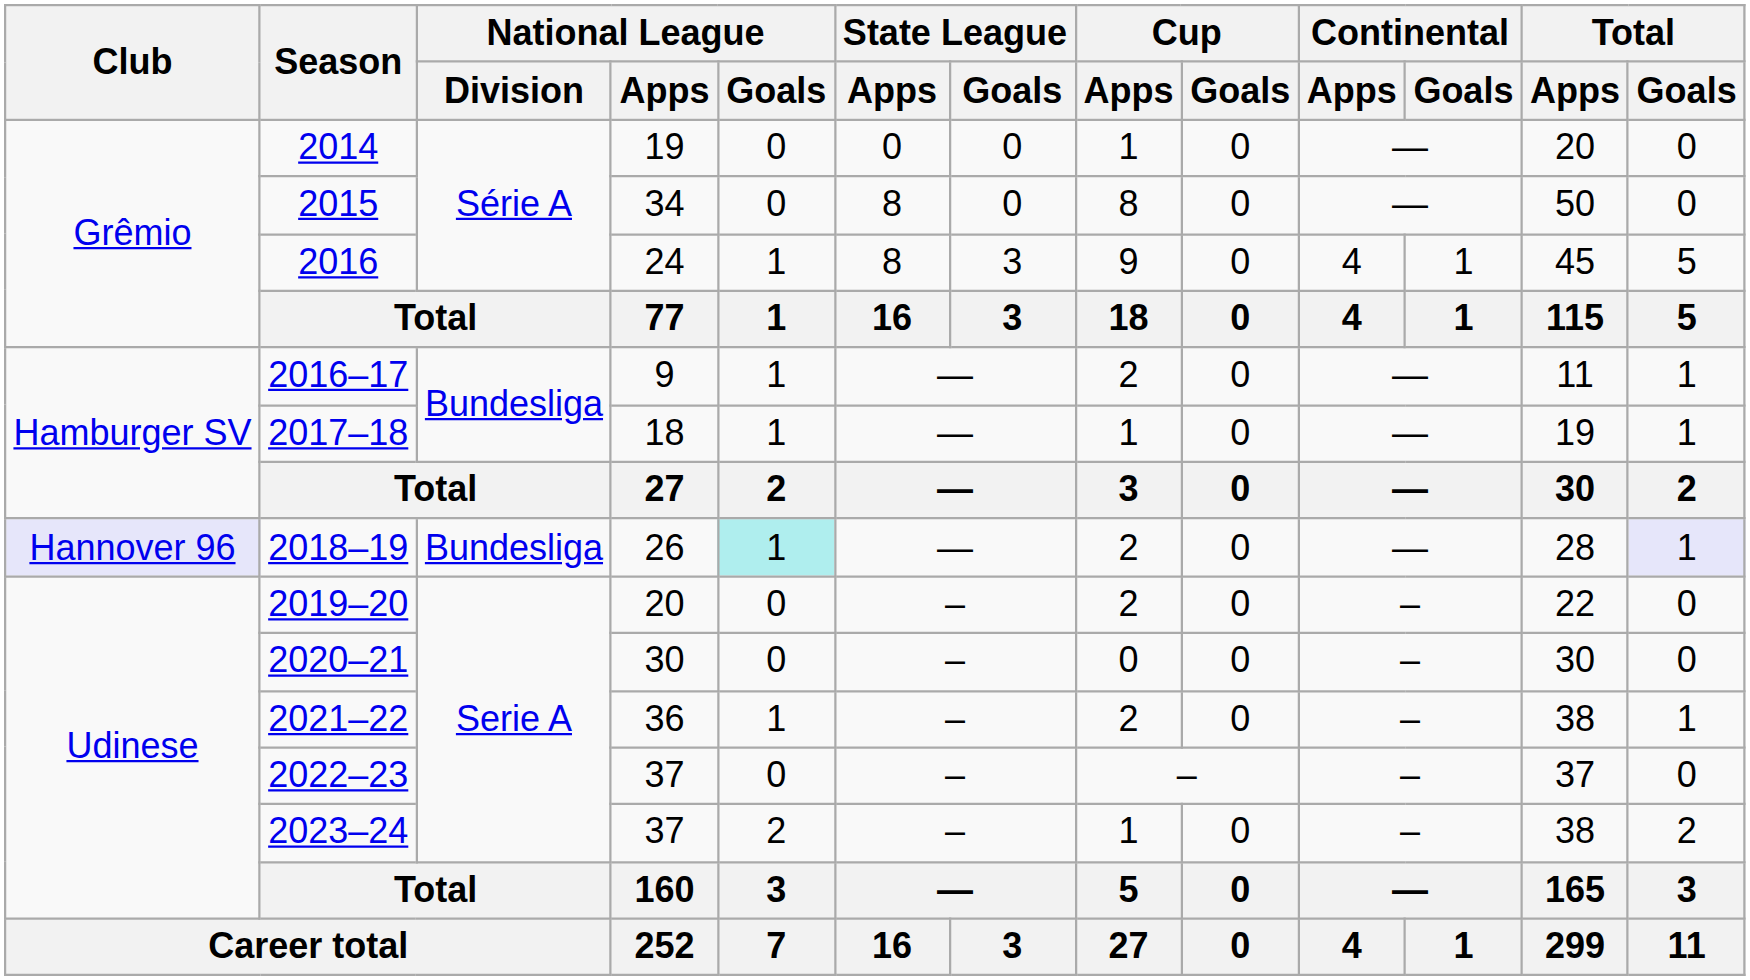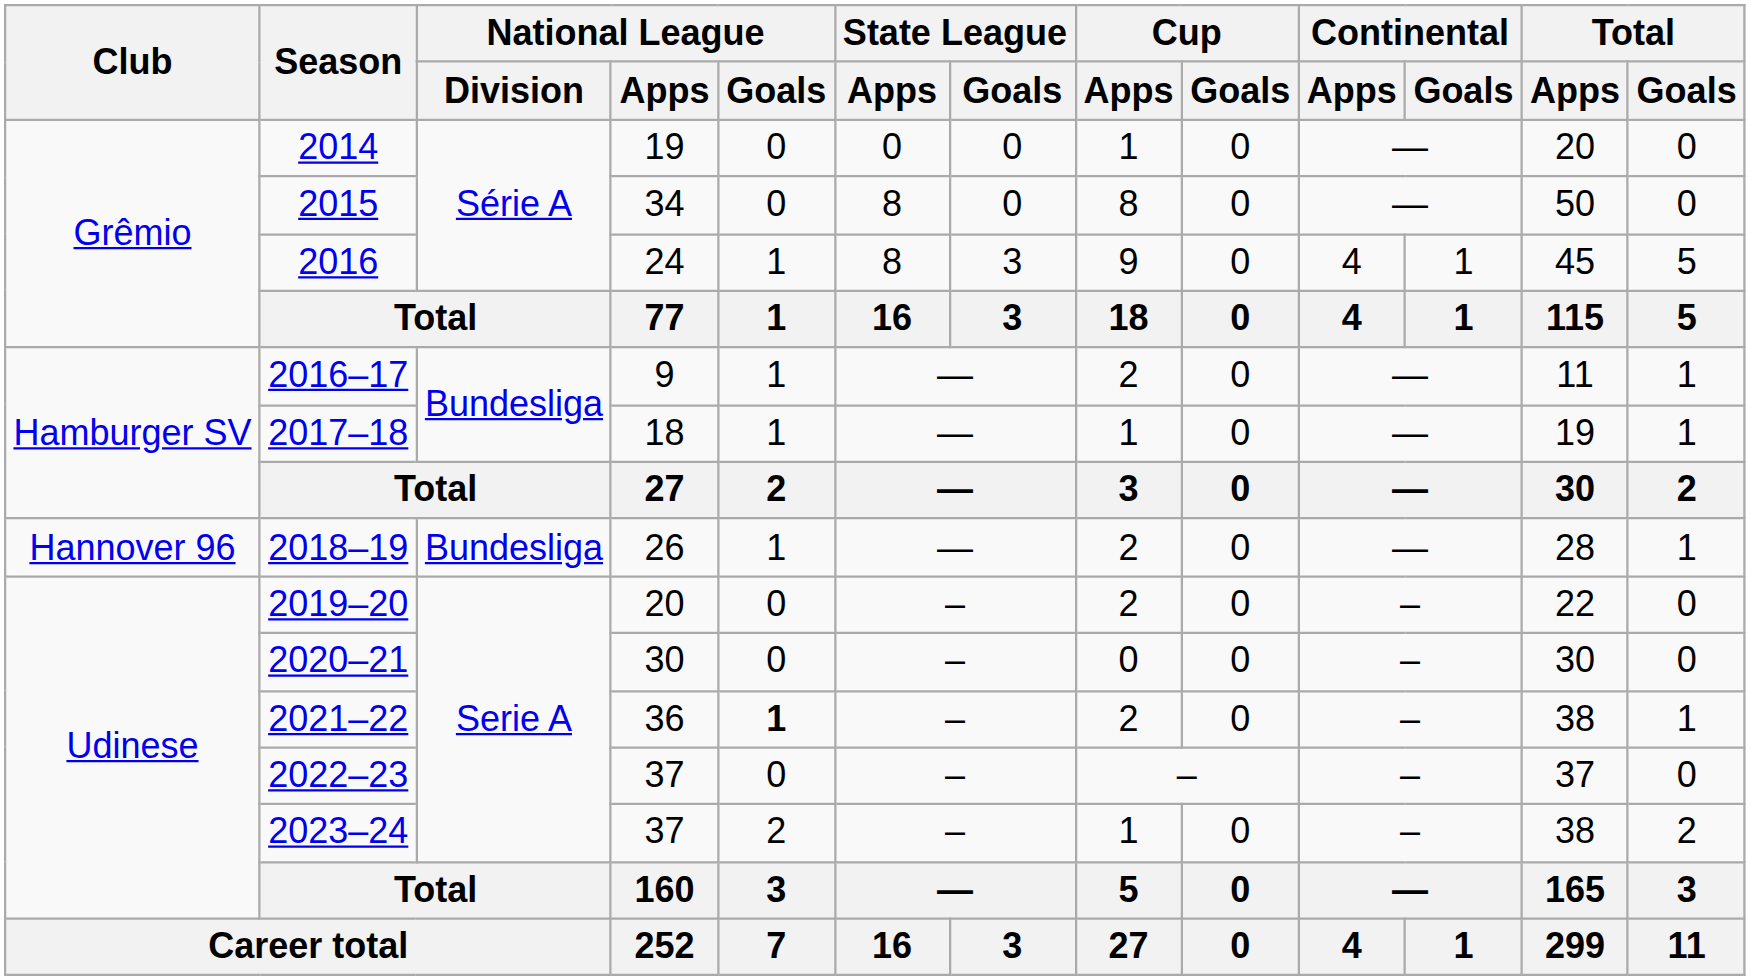 <table class="wikitable" style="text-align: center;">
 <tr>
 <th rowspan="2">Club</th>
 <th rowspan="2">Season</th>
 <th colspan="3">National League</th>
 <th colspan="2">State League</th>
 <th colspan="2">Cup</th>
 <th colspan="2">Continental</th>
 <th colspan="2">Total</th>
 </tr>
 <tr>
 <th>Division</th>
 <th>Apps</th>
 <th>Goals</th>
 <th>Apps</th>
 <th>Goals</th>
 <th>Apps</th>
 <th>Goals</th>
 <th>Apps</th>
 <th>Goals</th>
 <th>Apps</th>
 <th>Goals</th>
 </tr>
 <tr>
 <td rowspan="4"><a href='#'>Grêmio</a></td>
 <td><a href='#'>2014</a></td>
 <td rowspan="3"><a href='#'>Série A</a></td>
 <td>19</td>
 <td>0</td>
 <td>0</td>
 <td>0</td>
 <td>1</td>
 <td>0</td>
 <td colspan="2">—</td>
 <td>20</td>
 <td>0</td>
 </tr>
 <tr>
 <td><a href='#'>2015</a></td>
 <td>34</td>
 <td>0</td>
 <td>8</td>
 <td>0</td>
 <td>8</td>
 <td>0</td>
 <td colspan="2">—</td>
 <td>50</td>
 <td>0</td>
 </tr>
 <tr>
 <td><a href='#'>2016</a></td>
 <td>24</td>
 <td>1</td>
 <td>8</td>
 <td>3</td>
 <td>9</td>
 <td>0</td>
 <td>4</td>
 <td>1</td>
 <td>45</td>
 <td>5</td>
 </tr>
 <tr>
 <th colspan="2">Total</th>
 <th>77</th>
 <th>1</th>
 <th>16</th>
 <th>3</th>
 <th>18</th>
 <th>0</th>
 <th>4</th>
 <th>1</th>
 <th>115</th>
 <th>5</th>
 </tr>
 <tr>
 <td rowspan="3"><a href='#'>Hamburger SV</a></td>
 <td><a href='#'>2016–17</a></td>
 <td rowspan="2"><a href='#'>Bundesliga</a></td>
 <td>9</td>
 <td>1</td>
 <td colspan="2">—</td>
 <td>2</td>
 <td>0</td>
 <td colspan="2">—</td>
 <td>11</td>
 <td>1</td>
 </tr>
 <tr>
 <td><a href='#'>2017–18</a></td>
 <td>18</td>
 <td>1</td>
 <td colspan="2">—</td>
 <td>1</td>
 <td>0</td>
 <td colspan="2">—</td>
 <td>19</td>
 <td>1</td>
 </tr>
 <tr>
 <th colspan="2">Total</th>
 <th>27</th>
 <th>2</th>
 <th colspan="2">—</th>
 <th>3</th>
 <th>0</th>
 <th colspan="2">—</th>
 <th>30</th>
 <th>2</th>
 </tr>
 <tr>
-<td style="background: lavender;"><a href='#'>Hannover 96</a></td>
+<td><a href='#'>Hannover 96</a></td>
 <td><a href='#'>2018–19</a></td>
 <td><a href='#'>Bundesliga</a></td>
 <td>26</td>
-<td style="background: paleturquoise;">1</td>
+<td>1</td>
 <td colspan="2">—</td>
 <td>2</td>
 <td>0</td>
 <td colspan="2">—</td>
 <td>28</td>
-<td style="background: lavender;">1</td>
+<td>1</td>
 </tr>
 <tr>
 <td rowspan="6"><a href='#'>Udinese</a></td>
 <td><a href='#'>2019–20</a></td>
 <td rowspan="5"><a href='#'>Serie A</a></td>
 <td>20</td>
 <td>0</td>
 <td colspan="2">–</td>
 <td>2</td>
 <td>0</td>
 <td colspan="2">–</td>
 <td>22</td>
 <td>0</td>
 </tr>
 <tr>
 <td><a href='#'>2020–21</a></td>
 <td>30</td>
 <td>0</td>
 <td colspan="2">–</td>
 <td>0</td>
 <td>0</td>
 <td colspan="2">–</td>
 <td>30</td>
 <td>0</td>
 </tr>
 <tr>
 <td><a href='#'>2021–22</a></td>
 <td>36</td>
-<td>1</td>
+<td><strong>1</strong></td>
 <td colspan="2">–</td>
 <td>2</td>
 <td>0</td>
 <td colspan="2">–</td>
 <td>38</td>
 <td>1</td>
 </tr>
 <tr>
 <td><a href='#'>2022–23</a></td>
 <td>37</td>
 <td>0</td>
 <td colspan="2">–</td>
 <td colspan="2">–</td>
 <td colspan="2">–</td>
 <td>37</td>
 <td>0</td>
 </tr>
 <tr>
 <td><a href='#'>2023–24</a></td>
 <td>37</td>
 <td>2</td>
 <td colspan="2">–</td>
 <td>1</td>
 <td>0</td>
 <td colspan="2">–</td>
 <td>38</td>
 <td>2</td>
 </tr>
 <tr>
 <th colspan="2">Total</th>
 <th>160</th>
 <th>3</th>
 <th colspan="2">—</th>
 <th>5</th>
 <th>0</th>
 <th colspan="2">—</th>
 <th>165</th>
 <th>3</th>
 </tr>
 <tr>
 <th colspan="3">Career total</th>
 <th>252</th>
 <th>7</th>
 <th>16</th>
 <th>3</th>
 <th>27</th>
 <th>0</th>
 <th>4</th>
 <th>1</th>
 <th>299</th>
 <th>11</th>
 </tr>
 </table>
